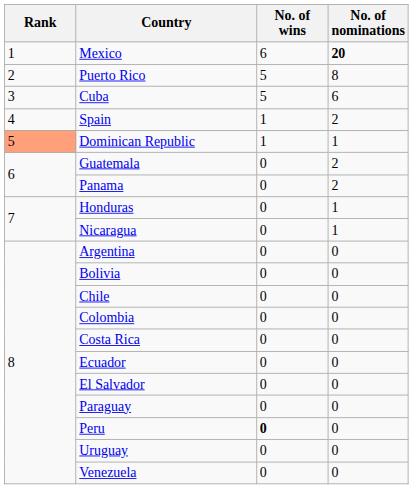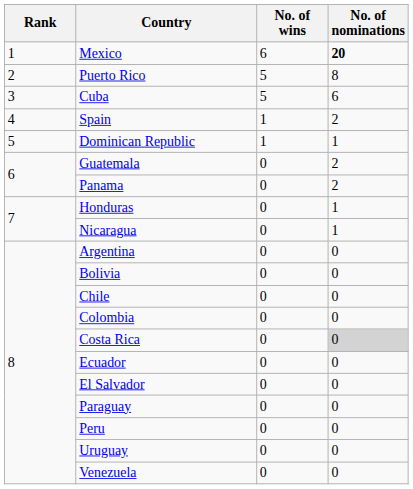 <table class="wikitable">
 <tr style="background:#ebf5ff;">
 <th style="width:75px;">Rank</th>
 <th style="width:200px;">Country</th>
 <th style="width:75px;">No. of wins</th>
 <th style="width:75px;">No. of nominations</th>
 </tr>
 <tr>
 <td>1</td>
 <td> <a href='#'>Mexico</a></td>
 <td>6</td>
 <td><strong>20</strong></td>
 </tr>
 <tr>
 <td>2</td>
 <td> <a href='#'>Puerto Rico</a></td>
 <td>5</td>
 <td>8</td>
 </tr>
 <tr>
 <td>3</td>
 <td> <a href='#'>Cuba</a></td>
 <td>5</td>
 <td>6</td>
 </tr>
 <tr>
 <td>4</td>
 <td> <a href='#'>Spain</a></td>
 <td>1</td>
 <td>2</td>
 </tr>
 <tr>
-<td style="background: lightsalmon;">5</td>
+<td>5</td>
 <td> <a href='#'>Dominican Republic</a></td>
 <td>1</td>
 <td>1</td>
 </tr>
 <tr>
 <td rowspan="2">6</td>
 <td> <a href='#'>Guatemala</a></td>
 <td>0</td>
 <td>2</td>
 </tr>
 <tr>
 <td> <a href='#'>Panama</a></td>
 <td>0</td>
 <td>2</td>
 </tr>
 <tr>
 <td rowspan="2">7</td>
 <td> <a href='#'>Honduras</a></td>
 <td>0</td>
 <td>1</td>
 </tr>
 <tr>
 <td> <a href='#'>Nicaragua</a></td>
 <td>0</td>
 <td>1</td>
 </tr>
 <tr>
 <td rowspan="11">8</td>
 <td> <a href='#'>Argentina</a></td>
 <td>0</td>
 <td>0</td>
 </tr>
 <tr>
 <td> <a href='#'>Bolivia</a></td>
 <td>0</td>
 <td>0</td>
 </tr>
 <tr>
 <td> <a href='#'>Chile</a></td>
 <td>0</td>
 <td>0</td>
 </tr>
 <tr>
 <td> <a href='#'>Colombia</a></td>
 <td>0</td>
 <td>0</td>
 </tr>
 <tr>
 <td> <a href='#'>Costa Rica</a></td>
 <td>0</td>
-<td>0</td>
+<td style="background: lightgrey;">0</td>
 </tr>
 <tr>
 <td> <a href='#'>Ecuador</a></td>
 <td>0</td>
 <td>0</td>
 </tr>
 <tr>
 <td> <a href='#'>El Salvador</a></td>
 <td>0</td>
 <td>0</td>
 </tr>
 <tr>
 <td> <a href='#'>Paraguay</a></td>
 <td>0</td>
 <td>0</td>
 </tr>
 <tr>
 <td> <a href='#'>Peru</a></td>
-<td><strong>0</strong></td>
+<td>0</td>
 <td>0</td>
 </tr>
 <tr>
 <td> <a href='#'>Uruguay</a></td>
 <td>0</td>
 <td>0</td>
 </tr>
 <tr>
 <td> <a href='#'>Venezuela</a></td>
 <td>0</td>
 <td>0</td>
 </tr>
 </table>
